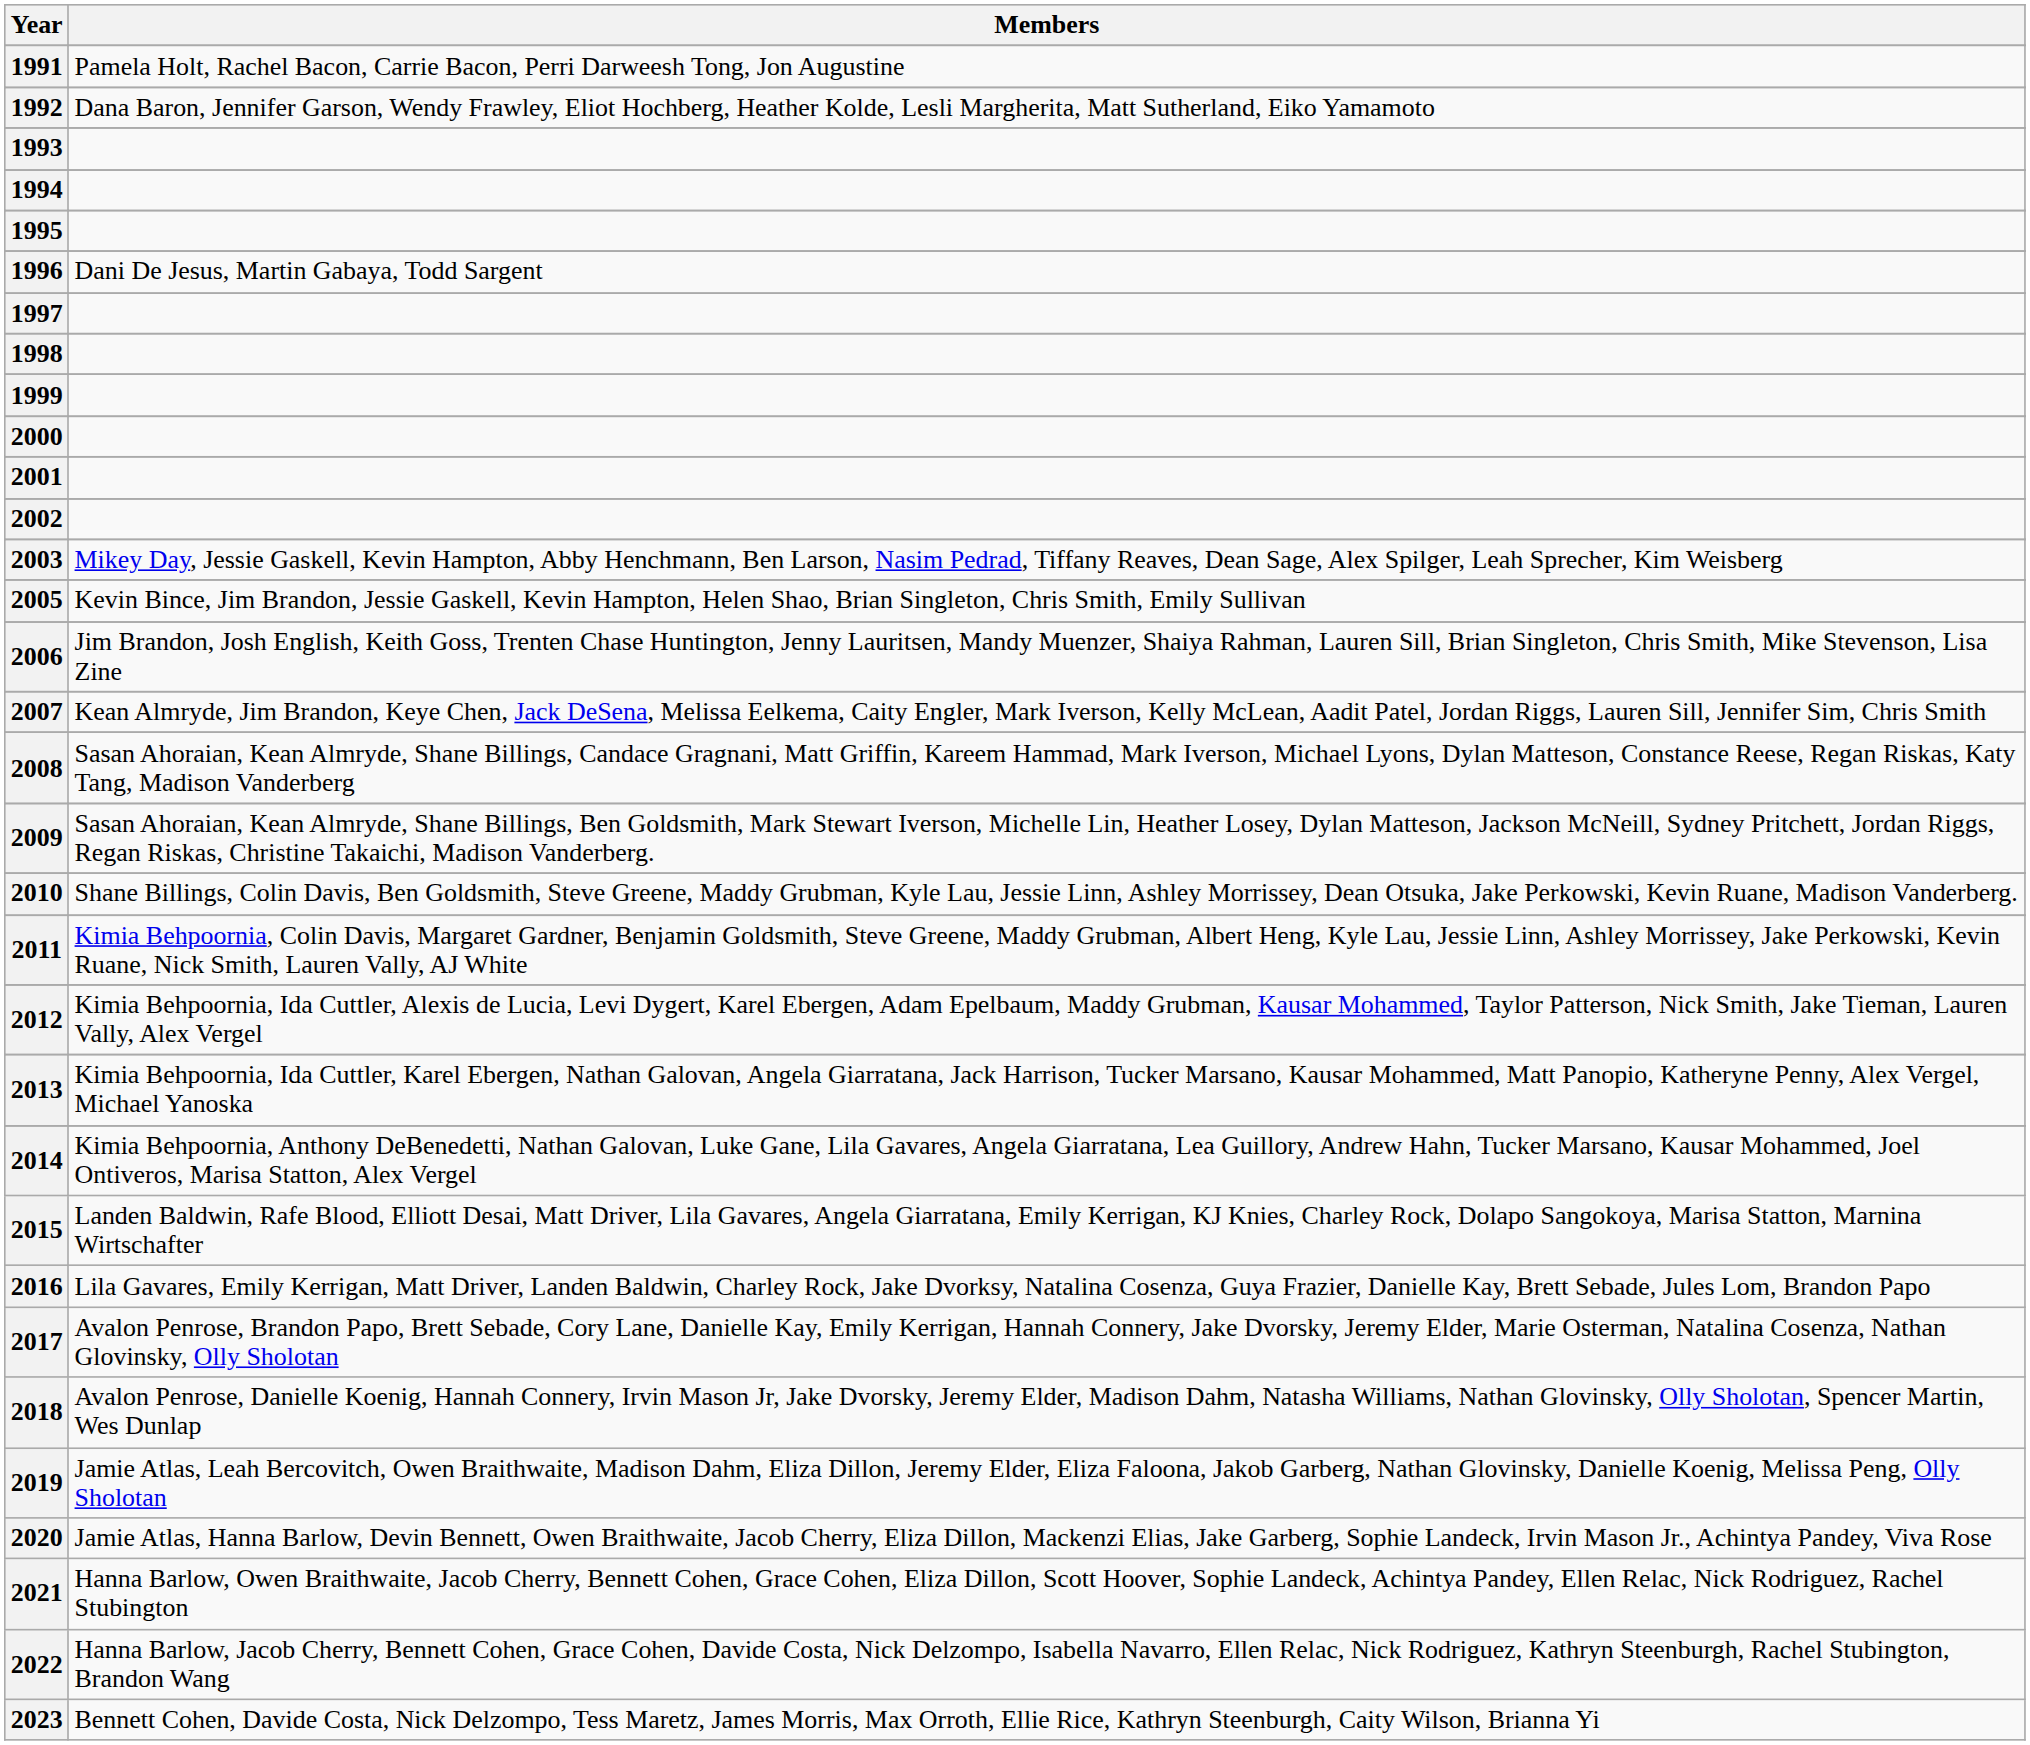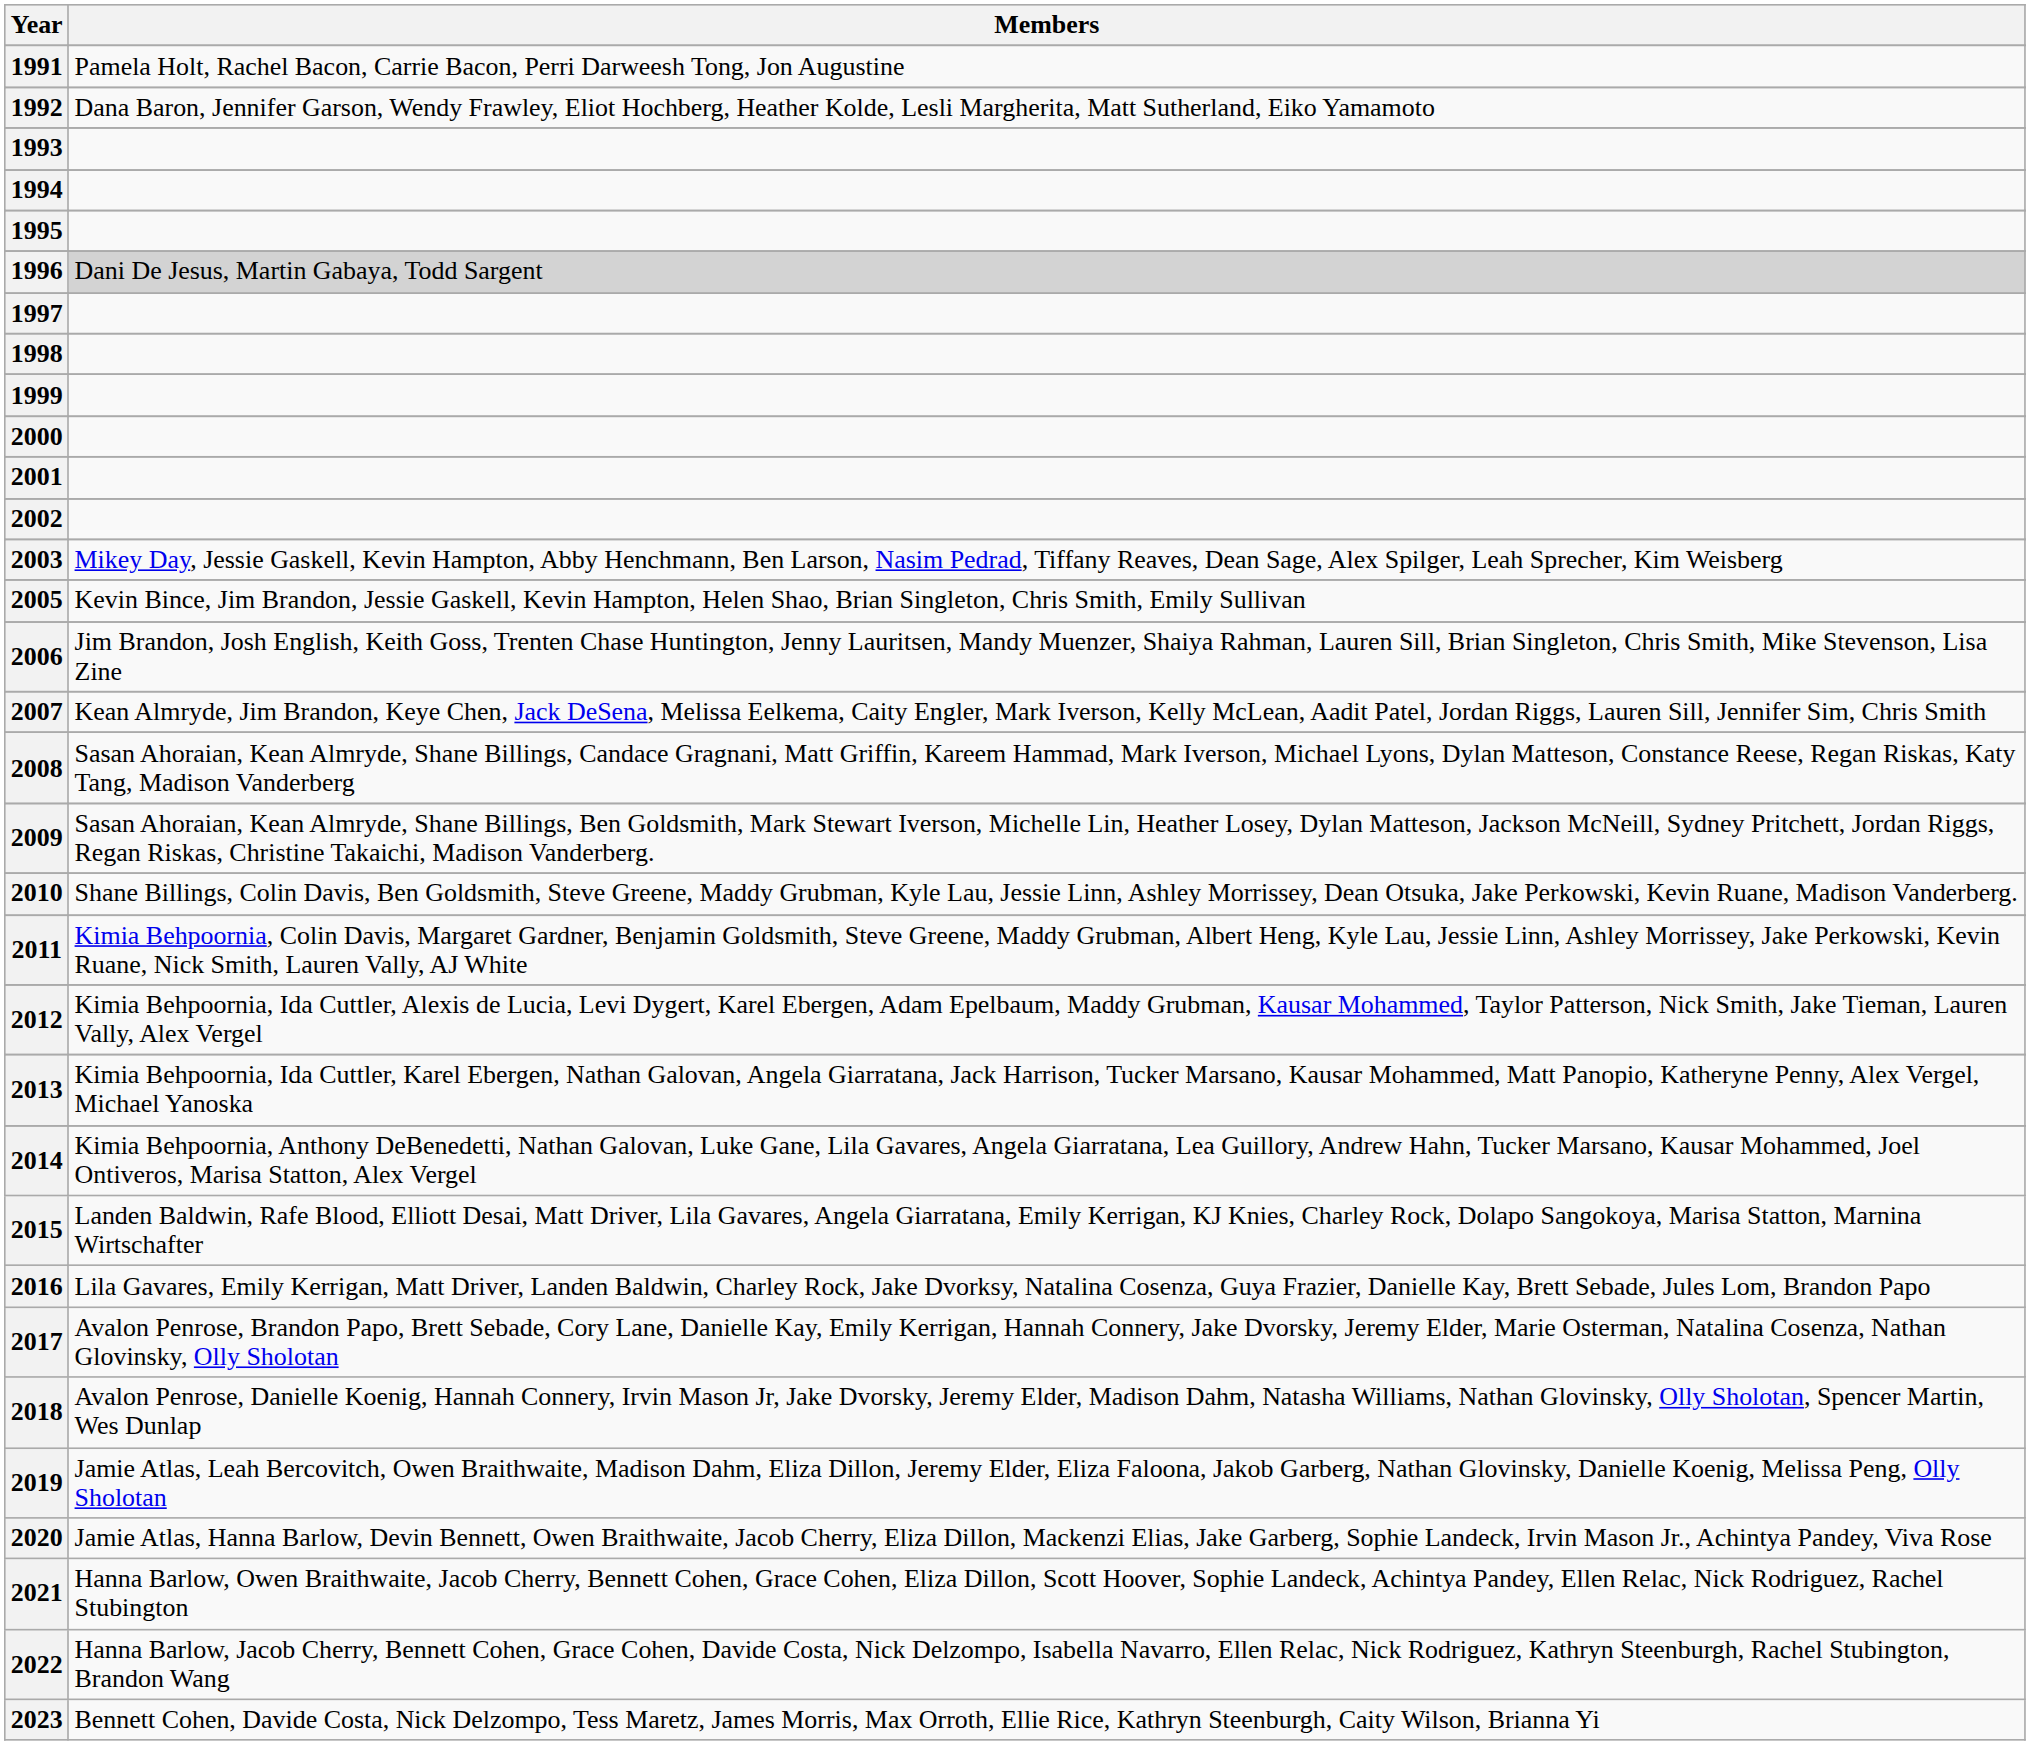 <table class="wikitable">
 <tr>
 <th>Year</th>
 <th>Members</th>
 </tr>
 <tr>
 </tr>
 <tr>
 <th>1991</th>
 <td>Pamela Holt, Rachel Bacon, Carrie Bacon, Perri Darweesh Tong, Jon Augustine</td>
 </tr>
 <tr>
 </tr>
 <tr>
 <th>1992</th>
 <td>Dana Baron, Jennifer Garson, Wendy Frawley, Eliot Hochberg, Heather Kolde, Lesli Margherita, Matt Sutherland, Eiko Yamamoto</td>
 </tr>
 <tr>
 </tr>
 <tr>
 <th>1993</th>
 <td></td>
 </tr>
 <tr>
 </tr>
 <tr>
 <th>1994</th>
 <td></td>
 </tr>
 <tr>
 </tr>
 <tr>
 <th>1995</th>
 <td></td>
 </tr>
 <tr>
 </tr>
 <tr>
 <th>1996</th>
-<td>Dani De Jesus, Martin Gabaya, Todd Sargent</td>
+<td style="background: lightgrey;">Dani De Jesus, Martin Gabaya, Todd Sargent</td>
 </tr>
 <tr>
 </tr>
 <tr>
 <th>1997</th>
 <td></td>
 </tr>
 <tr>
 </tr>
 <tr>
 <th>1998</th>
 <td></td>
 </tr>
 <tr>
 </tr>
 <tr>
 <th>1999</th>
 <td></td>
 </tr>
 <tr>
 </tr>
 <tr>
 <th>2000</th>
 <td></td>
 </tr>
 <tr>
 </tr>
 <tr>
 <th>2001</th>
 <td></td>
 </tr>
 <tr>
 </tr>
 <tr>
 <th>2002</th>
 <td></td>
 </tr>
 <tr>
 </tr>
 <tr>
 <th>2003</th>
 <td><a href='#'>Mikey Day</a>, Jessie Gaskell, Kevin Hampton, Abby Henchmann, Ben Larson, <a href='#'>Nasim Pedrad</a>, Tiffany Reaves, Dean Sage, Alex Spilger, Leah Sprecher, Kim Weisberg</td>
 </tr>
 <tr>
 </tr>
 <tr>
 <th>2005</th>
 <td>Kevin Bince, Jim Brandon, Jessie Gaskell, Kevin Hampton, Helen Shao, Brian Singleton, Chris Smith, Emily Sullivan</td>
 </tr>
 <tr>
 </tr>
 <tr>
 <th>2006</th>
 <td>Jim Brandon, Josh English, Keith Goss, Trenten Chase Huntington, Jenny Lauritsen, Mandy Muenzer, Shaiya Rahman, Lauren Sill, Brian Singleton, Chris Smith, Mike Stevenson, Lisa Zine</td>
 </tr>
 <tr>
 </tr>
 <tr>
 <th>2007</th>
 <td>Kean Almryde, Jim Brandon, Keye Chen, <a href='#'>Jack DeSena</a>, Melissa Eelkema, Caity Engler, Mark Iverson, Kelly McLean, Aadit Patel, Jordan Riggs, Lauren Sill, Jennifer Sim, Chris Smith</td>
 </tr>
 <tr>
 </tr>
 <tr>
 <th>2008</th>
 <td>Sasan Ahoraian, Kean Almryde, Shane Billings, Candace Gragnani, Matt Griffin, Kareem Hammad, Mark Iverson, Michael Lyons, Dylan Matteson, Constance Reese, Regan Riskas, Katy Tang, Madison Vanderberg</td>
 </tr>
 <tr>
 </tr>
 <tr>
 <th>2009</th>
 <td>Sasan Ahoraian, Kean Almryde, Shane Billings, Ben Goldsmith, Mark Stewart Iverson, Michelle Lin, Heather Losey, Dylan Matteson, Jackson McNeill, Sydney Pritchett, Jordan Riggs, Regan Riskas, Christine Takaichi, Madison Vanderberg.</td>
 </tr>
 <tr>
 </tr>
 <tr>
 <th>2010</th>
 <td>Shane Billings,  Colin Davis, Ben Goldsmith, Steve Greene, Maddy Grubman, Kyle Lau, Jessie Linn, Ashley Morrissey, Dean Otsuka, Jake Perkowski, Kevin Ruane, Madison Vanderberg.</td>
 </tr>
 <tr>
 </tr>
 <tr>
 <th>2011</th>
 <td><a href='#'>Kimia Behpoornia</a>, Colin Davis, Margaret Gardner, Benjamin Goldsmith, Steve Greene, Maddy Grubman, Albert Heng, Kyle Lau, Jessie Linn, Ashley Morrissey, Jake Perkowski, Kevin Ruane, Nick Smith, Lauren Vally, AJ White</td>
 </tr>
 <tr>
 </tr>
 <tr>
 <th>2012</th>
 <td>Kimia Behpoornia, Ida Cuttler, Alexis de Lucia, Levi Dygert, Karel Ebergen, Adam Epelbaum, Maddy Grubman, <a href='#'>Kausar Mohammed</a>, Taylor Patterson, Nick Smith, Jake Tieman, Lauren Vally, Alex Vergel</td>
 </tr>
 <tr>
 </tr>
 <tr>
 <th>2013</th>
 <td>Kimia Behpoornia, Ida Cuttler, Karel Ebergen, Nathan Galovan, Angela Giarratana, Jack Harrison, Tucker Marsano, Kausar Mohammed, Matt Panopio, Katheryne Penny, Alex Vergel, Michael Yanoska</td>
 </tr>
 <tr>
 </tr>
 <tr>
 <th>2014</th>
 <td>Kimia Behpoornia, Anthony DeBenedetti, Nathan Galovan, Luke Gane, Lila Gavares, Angela Giarratana, Lea Guillory, Andrew Hahn, Tucker Marsano, Kausar Mohammed, Joel Ontiveros, Marisa Statton, Alex Vergel</td>
 </tr>
 <tr>
 <th>2015</th>
 <td>Landen Baldwin, Rafe Blood, Elliott Desai, Matt Driver, Lila Gavares, Angela Giarratana, Emily Kerrigan, KJ Knies, Charley Rock, Dolapo Sangokoya, Marisa Statton, Marnina Wirtschafter</td>
 </tr>
 <tr>
 <th>2016</th>
 <td>Lila Gavares, Emily Kerrigan, Matt Driver, Landen Baldwin, Charley Rock, Jake Dvorksy, Natalina Cosenza, Guya Frazier, Danielle Kay, Brett Sebade, Jules Lom, Brandon Papo</td>
 </tr>
 <tr>
 <th>2017</th>
 <td>Avalon Penrose, Brandon Papo, Brett Sebade, Cory Lane, Danielle Kay, Emily Kerrigan, Hannah Connery, Jake Dvorsky, Jeremy Elder, Marie Osterman, Natalina Cosenza, Nathan Glovinsky, <a href='#'>Olly Sholotan</a></td>
 </tr>
 <tr>
 <th>2018</th>
 <td>Avalon Penrose, Danielle Koenig, Hannah Connery, Irvin Mason Jr, Jake Dvorsky, Jeremy Elder, Madison Dahm, Natasha Williams, Nathan Glovinsky, <a href='#'>Olly Sholotan</a>, Spencer Martin, Wes Dunlap</td>
 </tr>
 <tr>
 <th>2019</th>
 <td>Jamie Atlas, Leah Bercovitch, Owen Braithwaite, Madison Dahm, Eliza Dillon, Jeremy Elder, Eliza Faloona, Jakob Garberg, Nathan Glovinsky, Danielle Koenig, Melissa Peng, <a href='#'>Olly Sholotan</a></td>
 </tr>
 <tr>
 <th>2020</th>
 <td>Jamie Atlas, Hanna Barlow, Devin Bennett, Owen Braithwaite, Jacob Cherry, Eliza Dillon, Mackenzi Elias, Jake Garberg, Sophie Landeck, Irvin Mason Jr., Achintya Pandey, Viva Rose</td>
 </tr>
 <tr>
 <th>2021</th>
 <td>Hanna Barlow, Owen Braithwaite, Jacob Cherry, Bennett Cohen, Grace Cohen, Eliza Dillon, Scott Hoover, Sophie Landeck, Achintya Pandey, Ellen Relac, Nick Rodriguez, Rachel Stubington</td>
 </tr>
 <tr>
 <th>2022</th>
 <td>Hanna Barlow, Jacob Cherry, Bennett Cohen, Grace Cohen, Davide Costa, Nick Delzompo, Isabella Navarro, Ellen Relac, Nick Rodriguez, Kathryn Steenburgh, Rachel Stubington, Brandon Wang</td>
 </tr>
 <tr>
 <th>2023</th>
 <td>Bennett Cohen, Davide Costa, Nick Delzompo, Tess Maretz, James Morris, Max Orroth, Ellie Rice, Kathryn Steenburgh, Caity Wilson, Brianna Yi</td>
 </tr>
 </table>
